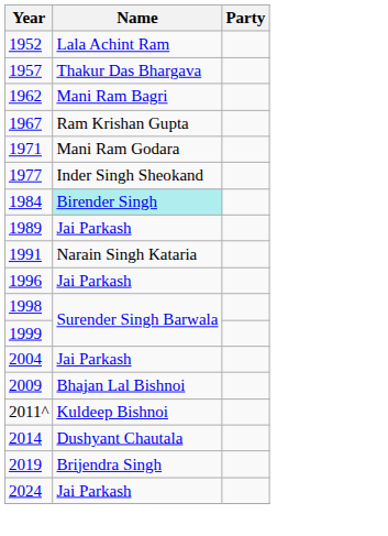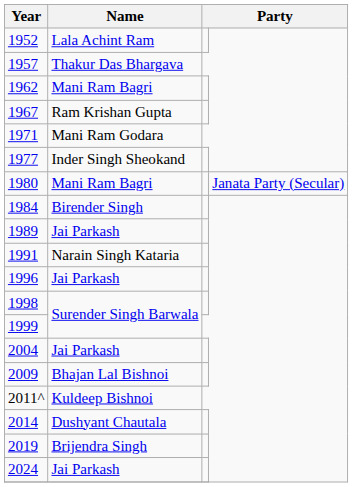 <table class="wikitable">
 <tr>
 <th>Year</th>
 <th>Name</th>
 <th colspan="2">Party</th>
 </tr>
 <tr>
 <td><a href='#'>1952</a></td>
 <td><a href='#'>Lala Achint Ram</a></td>
 <td></td>
 </tr>
 <tr>
 <td><a href='#'>1957</a></td>
 <td><a href='#'>Thakur Das Bhargava</a></td>
 </tr>
 <tr>
 <td><a href='#'>1962</a></td>
 <td><a href='#'>Mani Ram Bagri</a></td>
 <td></td>
 </tr>
 <tr>
 <td><a href='#'>1967</a></td>
 <td>Ram Krishan Gupta</td>
 <td></td>
 </tr>
 <tr>
 <td><a href='#'>1971</a></td>
 <td>Mani Ram Godara</td>
 </tr>
 <tr>
 <td><a href='#'>1977</a></td>
 <td>Inder Singh Sheokand</td>
 <td></td>
 </tr>
 <tr>
+<td><a href='#'>1980</a></td>
+<td><a href='#'>Mani Ram Bagri</a></td>
+<td style="background-color: "></td>
+<td><a href='#'>Janata Party (Secular)</a></td>
+</tr>
+<tr>
 <td><a href='#'>1984</a></td>
-<td style="background: paleturquoise;"><a href='#'>Birender Singh</a></td>
+<td><a href='#'>Birender Singh</a></td>
 <td></td>
 </tr>
 <tr>
 <td><a href='#'>1989</a></td>
 <td><a href='#'>Jai Parkash</a></td>
 <td></td>
 </tr>
 <tr>
 <td><a href='#'>1991</a></td>
 <td>Narain Singh Kataria</td>
 <td></td>
 </tr>
 <tr>
 <td><a href='#'>1996</a></td>
 <td><a href='#'>Jai Parkash</a></td>
 <td></td>
 </tr>
 <tr>
 <td><a href='#'>1998</a></td>
 <td rowspan="2"><a href='#'>Surender Singh Barwala</a></td>
 <td></td>
 </tr>
 <tr>
 <td><a href='#'>1999</a></td>
 </tr>
 <tr>
 <td><a href='#'>2004</a></td>
 <td><a href='#'>Jai Parkash</a></td>
 <td></td>
 </tr>
 <tr>
 <td><a href='#'>2009</a></td>
 <td><a href='#'>Bhajan Lal Bishnoi</a></td>
 <td></td>
 </tr>
 <tr>
 <td>2011^</td>
 <td><a href='#'>Kuldeep Bishnoi</a></td>
 </tr>
 <tr>
 <td><a href='#'>2014</a></td>
 <td><a href='#'>Dushyant Chautala</a></td>
 <td></td>
 </tr>
 <tr>
 <td><a href='#'>2019</a></td>
 <td><a href='#'>Brijendra Singh</a></td>
 <td></td>
 </tr>
 <tr>
 <td><a href='#'>2024</a></td>
 <td><a href='#'>Jai Parkash</a></td>
 <td></td>
 </tr>
 <tr>
 </tr>
 </table>
